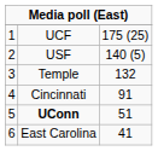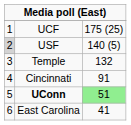 <table class="wikitable">
 <tr align="center">
 <td align="center" Colspan="3"><strong>Media poll (East)</strong></td>
 </tr>
 <tr align="center">
 </tr>
 <tr align="center">
 <td>1</td>
 <td>UCF</td>
 <td>175 (25)</td>
 </tr>
 <tr align="center">
-<td>2</td>
+<td style="background: lightgrey;">2</td>
 <td>USF</td>
 <td>140 (5)</td>
 </tr>
 <tr align="center">
 <td>3</td>
 <td>Temple</td>
 <td>132</td>
 </tr>
 <tr align="center">
 <td>4</td>
 <td>Cincinnati</td>
 <td>91</td>
 </tr>
 <tr align="center">
 <td>5</td>
 <td><strong>UConn</strong></td>
-<td>51</td>
+<td style="background: lightgreen;">51</td>
 </tr>
 <tr align="center">
 <td>6</td>
 <td>East Carolina</td>
 <td>41</td>
 </tr>
 </table>
